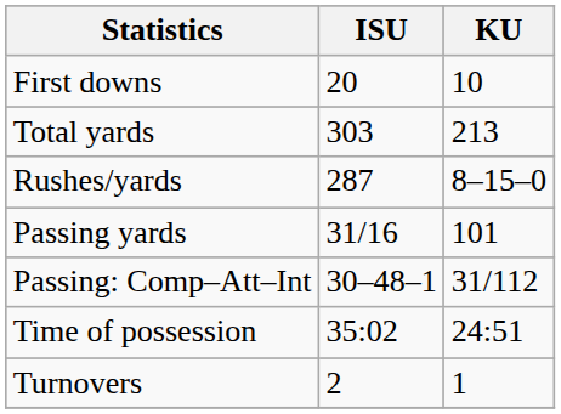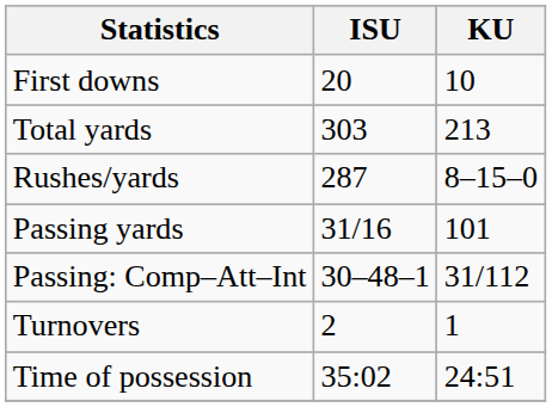 <table class="wikitable" style="float: left;">
 <tr>
 <th>Statistics</th>
 <th>ISU</th>
 <th>KU</th>
 </tr>
 <tr>
 <td>First downs</td>
 <td>20</td>
 <td>10</td>
 </tr>
 <tr>
 <td>Total yards</td>
 <td>303</td>
 <td>213</td>
 </tr>
 <tr>
 <td>Rushes/yards</td>
 <td>287</td>
 <td>8–15–0</td>
 </tr>
 <tr>
 <td>Passing yards</td>
 <td>31/16</td>
 <td>101</td>
 </tr>
 <tr>
 <td>Passing: Comp–Att–Int</td>
 <td>30–48–1</td>
 <td>31/112</td>
 </tr>
 <tr>
+<td>Turnovers</td>
+<td>2</td>
+<td>1</td>
+</tr>
+<tr>
 <td>Time of possession</td>
 <td>35:02</td>
 <td>24:51</td>
 </tr>
 <tr>
-<td>Turnovers</td>
-<td>2</td>
-<td>1</td>
-</tr>
-<tr>
 </tr>
 </table>
